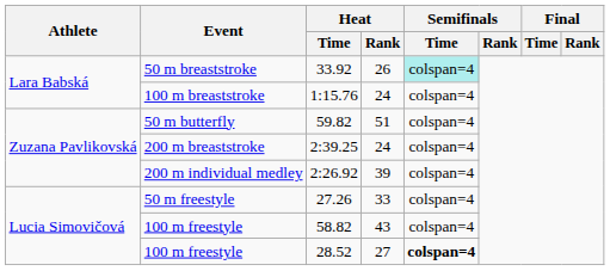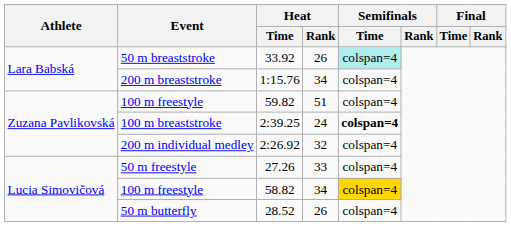 <table class=wikitable style="font-size:90%">
 <tr>
 <th rowspan="2">Athlete</th>
 <th rowspan="2">Event</th>
 <th colspan="2">Heat</th>
 <th colspan="2">Semifinals</th>
 <th colspan="2">Final</th>
 </tr>
 <tr style="font-size:95%">
 <th>Time</th>
 <th>Rank</th>
 <th>Time</th>
 <th>Rank</th>
 <th>Time</th>
 <th>Rank</th>
 </tr>
 <tr align=center>
 <td align=left rowspan=2><a href='#'>Lara Babská</a></td>
 <td align=left><a href='#'>50 m breaststroke</a></td>
 <td>33.92</td>
 <td>26</td>
 <td style="background: paleturquoise;">colspan=4 </td>
 </tr>
 <tr align=center>
-<td align=left><a href='#'>100 m breaststroke</a></td>
+<td align=left><a href='#'>200 m breaststroke</a></td>
 <td>1:15.76</td>
-<td>24</td>
+<td>34</td>
 <td>colspan=4 </td>
 </tr>
 <tr align=center>
 <td align=left rowspan=3><a href='#'>Zuzana Pavlikovská</a></td>
-<td align=left><a href='#'>50 m butterfly</a></td>
+<td align=left><a href='#'>100 m freestyle</a></td>
 <td>59.82</td>
 <td>51</td>
 <td>colspan=4 </td>
 </tr>
 <tr align=center>
-<td align=left><a href='#'>200 m breaststroke</a></td>
+<td align=left><a href='#'>100 m breaststroke</a></td>
 <td>2:39.25</td>
 <td>24</td>
-<td>colspan=4 </td>
+<td><strong>colspan=4 </strong></td>
 </tr>
 <tr align=center>
 <td align=left><a href='#'>200 m individual medley</a></td>
 <td>2:26.92</td>
-<td>39</td>
+<td>32</td>
 <td>colspan=4 </td>
 </tr>
 <tr align=center>
 <td align=left rowspan=3><a href='#'>Lucia Simovičová</a></td>
 <td align=left><a href='#'>50 m freestyle</a></td>
 <td>27.26</td>
 <td>33</td>
 <td>colspan=4 </td>
 </tr>
 <tr align=center>
 <td align=left><a href='#'>100 m freestyle</a></td>
 <td>58.82</td>
-<td>43</td>
+<td>34</td>
+<td style="background: gold;">colspan=4 </td>
+</tr>
+<tr align=center>
+<td align=left><a href='#'>50 m butterfly</a></td>
+<td>28.52</td>
+<td>26</td>
 <td>colspan=4 </td>
 </tr>
-<tr align=center>
-<td align=left><a href='#'>100 m freestyle</a></td>
-<td>28.52</td>
-<td>27</td>
-<td><strong>colspan=4 </strong></td>
-</tr>
 </table>
